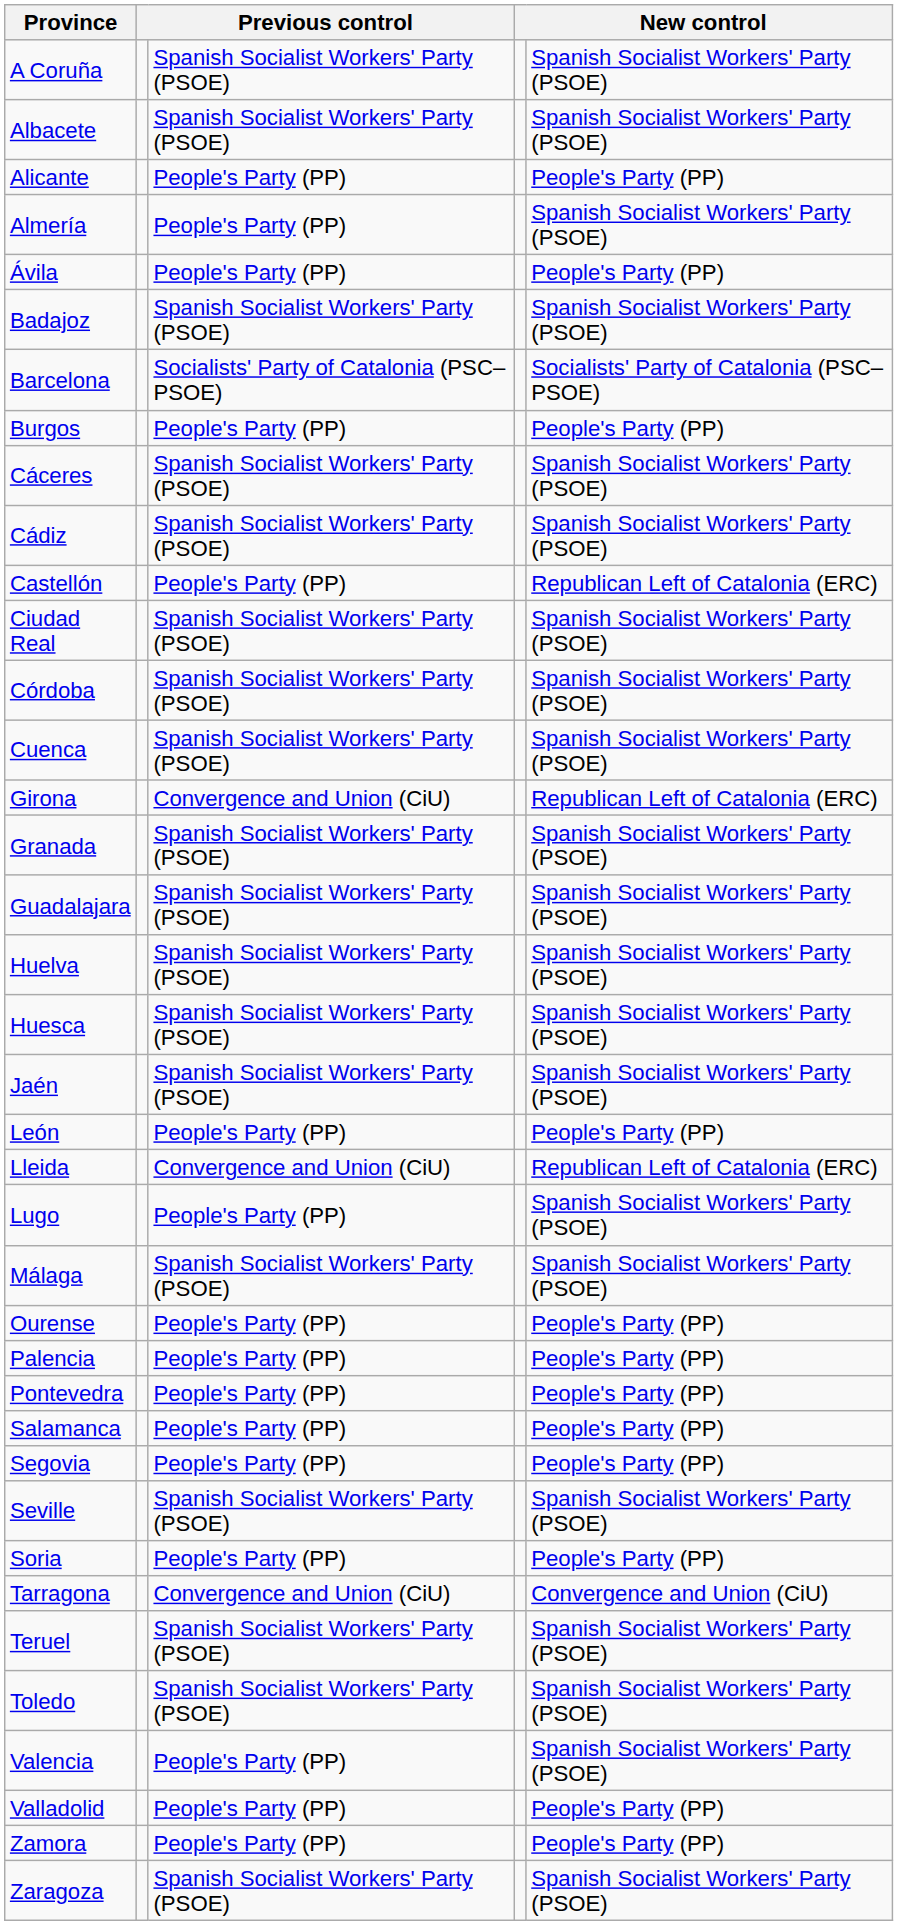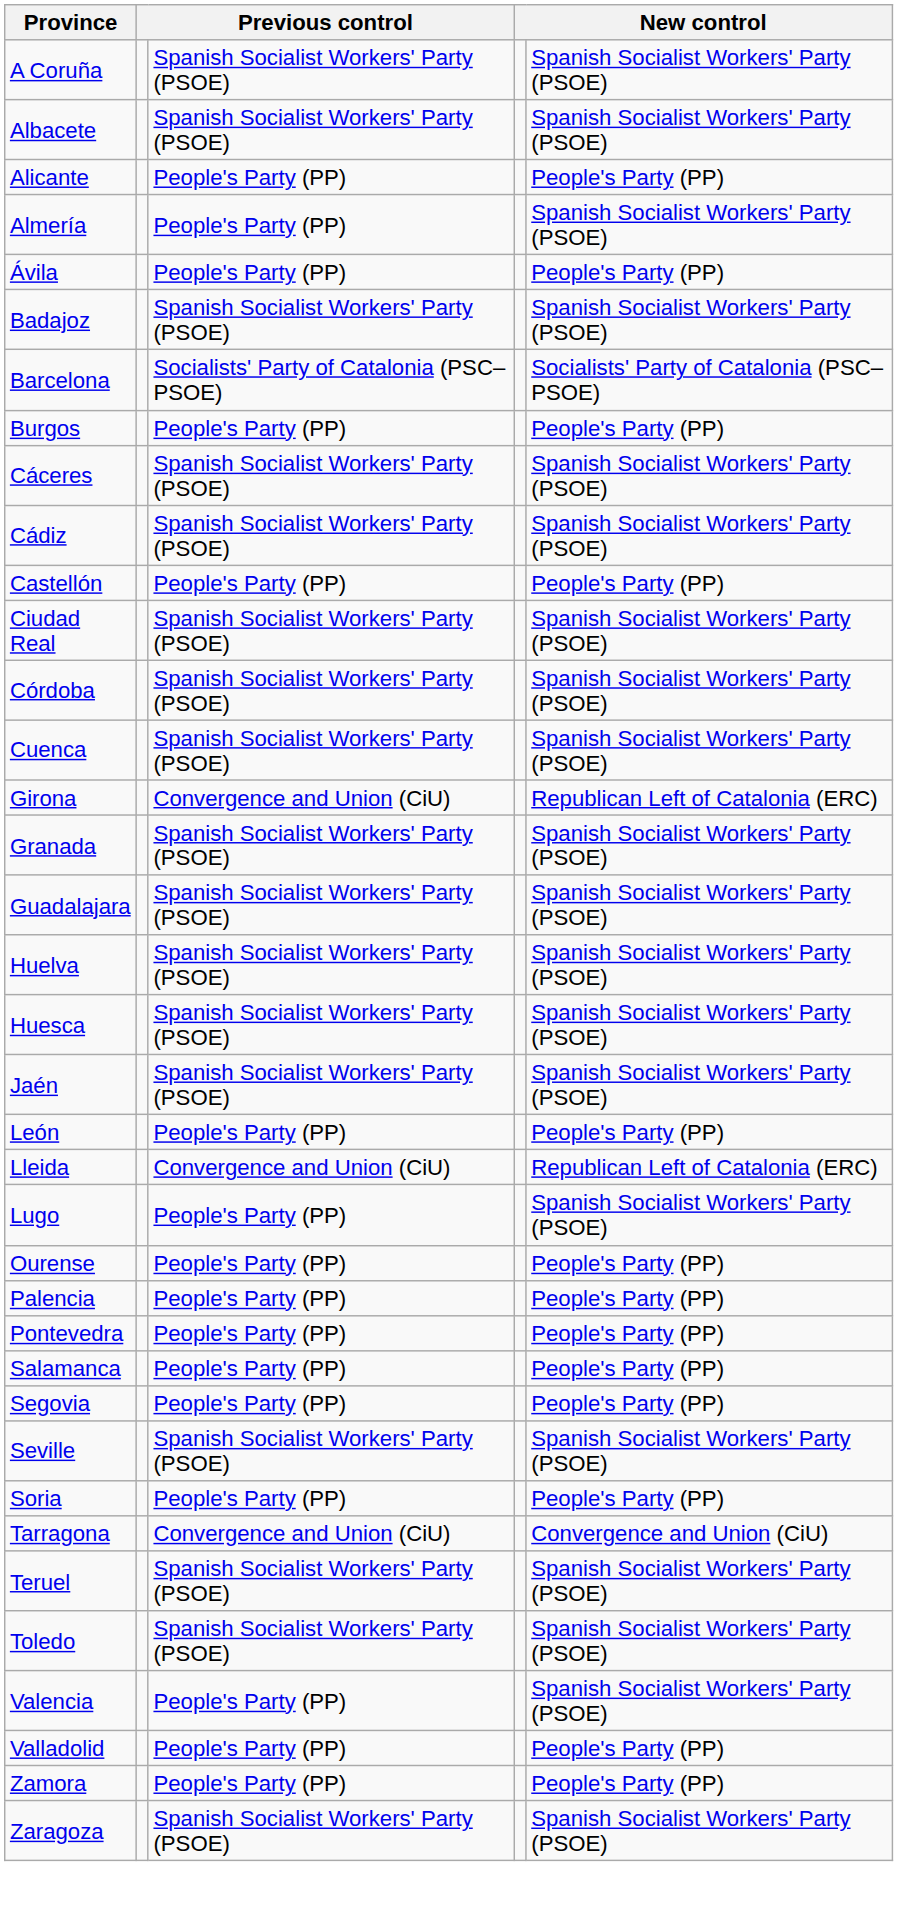 <table class="wikitable sortable" style="font-size:95%;">
 <tr>
 <th>Province</th>
 <th colspan="2" style="width:375px;">Previous control</th>
 <th colspan="2" style="width:375px;">New control</th>
 </tr>
 <tr>
 <td><a href='#'>A Coruña</a></td>
 <td width="1" style="color:inherit;background:"></td>
 <td><a href='#'>Spanish Socialist Workers' Party</a> (PSOE)</td>
 <td width="1" style="color:inherit;background:"></td>
 <td><a href='#'>Spanish Socialist Workers' Party</a> (PSOE)</td>
 </tr>
 <tr>
 <td><a href='#'>Albacete</a></td>
 <td style="color:inherit;background:"></td>
 <td><a href='#'>Spanish Socialist Workers' Party</a> (PSOE)</td>
 <td style="color:inherit;background:"></td>
 <td><a href='#'>Spanish Socialist Workers' Party</a> (PSOE)</td>
 </tr>
 <tr>
 <td><a href='#'>Alicante</a></td>
 <td style="color:inherit;background:"></td>
 <td><a href='#'>People's Party</a> (PP)</td>
 <td style="color:inherit;background:"></td>
 <td><a href='#'>People's Party</a> (PP)</td>
 </tr>
 <tr>
 <td><a href='#'>Almería</a></td>
 <td style="color:inherit;background:"></td>
 <td><a href='#'>People's Party</a> (PP)</td>
 <td style="color:inherit;background:"></td>
 <td><a href='#'>Spanish Socialist Workers' Party</a> (PSOE)</td>
 </tr>
 <tr>
 <td><a href='#'>Ávila</a></td>
 <td style="color:inherit;background:"></td>
 <td><a href='#'>People's Party</a> (PP)</td>
 <td style="color:inherit;background:"></td>
 <td><a href='#'>People's Party</a> (PP)</td>
 </tr>
 <tr>
 <td><a href='#'>Badajoz</a></td>
 <td style="color:inherit;background:"></td>
 <td><a href='#'>Spanish Socialist Workers' Party</a> (PSOE)</td>
 <td style="color:inherit;background:"></td>
 <td><a href='#'>Spanish Socialist Workers' Party</a> (PSOE)</td>
 </tr>
 <tr>
 <td><a href='#'>Barcelona</a></td>
 <td style="color:inherit;background:"></td>
 <td><a href='#'>Socialists' Party of Catalonia</a> (PSC–PSOE)</td>
 <td style="color:inherit;background:"></td>
 <td><a href='#'>Socialists' Party of Catalonia</a> (PSC–PSOE)</td>
 </tr>
 <tr>
 <td><a href='#'>Burgos</a></td>
 <td style="color:inherit;background:"></td>
 <td><a href='#'>People's Party</a> (PP)</td>
 <td style="color:inherit;background:"></td>
 <td><a href='#'>People's Party</a> (PP)</td>
 </tr>
 <tr>
 <td><a href='#'>Cáceres</a></td>
 <td style="color:inherit;background:"></td>
 <td><a href='#'>Spanish Socialist Workers' Party</a> (PSOE)</td>
 <td style="color:inherit;background:"></td>
 <td><a href='#'>Spanish Socialist Workers' Party</a> (PSOE)</td>
 </tr>
 <tr>
 <td><a href='#'>Cádiz</a></td>
 <td style="color:inherit;background:"></td>
 <td><a href='#'>Spanish Socialist Workers' Party</a> (PSOE)</td>
 <td style="color:inherit;background:"></td>
 <td><a href='#'>Spanish Socialist Workers' Party</a> (PSOE)</td>
 </tr>
 <tr>
 <td><a href='#'>Castellón</a></td>
 <td style="color:inherit;background:"></td>
 <td><a href='#'>People's Party</a> (PP)</td>
 <td style="color:inherit;background:"></td>
-<td><a href='#'>Republican Left of Catalonia</a> (ERC)</td>
+<td><a href='#'>People's Party</a> (PP)</td>
 </tr>
 <tr>
 <td><a href='#'>Ciudad Real</a></td>
 <td style="color:inherit;background:"></td>
 <td><a href='#'>Spanish Socialist Workers' Party</a> (PSOE)</td>
 <td style="color:inherit;background:"></td>
 <td><a href='#'>Spanish Socialist Workers' Party</a> (PSOE)</td>
 </tr>
 <tr>
 <td><a href='#'>Córdoba</a></td>
 <td style="color:inherit;background:"></td>
 <td><a href='#'>Spanish Socialist Workers' Party</a> (PSOE)</td>
 <td style="color:inherit;background:"></td>
 <td><a href='#'>Spanish Socialist Workers' Party</a> (PSOE)</td>
 </tr>
 <tr>
 <td><a href='#'>Cuenca</a></td>
 <td style="color:inherit;background:"></td>
 <td><a href='#'>Spanish Socialist Workers' Party</a> (PSOE)</td>
 <td style="color:inherit;background:"></td>
 <td><a href='#'>Spanish Socialist Workers' Party</a> (PSOE)</td>
 </tr>
 <tr>
 <td><a href='#'>Girona</a></td>
 <td style="color:inherit;background:"></td>
 <td><a href='#'>Convergence and Union</a> (CiU)</td>
 <td style="color:inherit;background:"></td>
 <td><a href='#'>Republican Left of Catalonia</a> (ERC)</td>
 </tr>
 <tr>
 <td><a href='#'>Granada</a></td>
 <td style="color:inherit;background:"></td>
 <td><a href='#'>Spanish Socialist Workers' Party</a> (PSOE)</td>
 <td style="color:inherit;background:"></td>
 <td><a href='#'>Spanish Socialist Workers' Party</a> (PSOE)</td>
 </tr>
 <tr>
 <td><a href='#'>Guadalajara</a></td>
 <td style="color:inherit;background:"></td>
 <td><a href='#'>Spanish Socialist Workers' Party</a> (PSOE)</td>
 <td style="color:inherit;background:"></td>
 <td><a href='#'>Spanish Socialist Workers' Party</a> (PSOE)</td>
 </tr>
 <tr>
 <td><a href='#'>Huelva</a></td>
 <td style="color:inherit;background:"></td>
 <td><a href='#'>Spanish Socialist Workers' Party</a> (PSOE)</td>
 <td style="color:inherit;background:"></td>
 <td><a href='#'>Spanish Socialist Workers' Party</a> (PSOE)</td>
 </tr>
 <tr>
 <td><a href='#'>Huesca</a></td>
 <td style="color:inherit;background:"></td>
 <td><a href='#'>Spanish Socialist Workers' Party</a> (PSOE)</td>
 <td style="color:inherit;background:"></td>
 <td><a href='#'>Spanish Socialist Workers' Party</a> (PSOE)</td>
 </tr>
 <tr>
 <td><a href='#'>Jaén</a></td>
 <td style="color:inherit;background:"></td>
 <td><a href='#'>Spanish Socialist Workers' Party</a> (PSOE)</td>
 <td style="color:inherit;background:"></td>
 <td><a href='#'>Spanish Socialist Workers' Party</a> (PSOE)</td>
 </tr>
 <tr>
 <td><a href='#'>León</a></td>
 <td style="color:inherit;background:"></td>
 <td><a href='#'>People's Party</a> (PP)</td>
 <td style="color:inherit;background:"></td>
 <td><a href='#'>People's Party</a> (PP)</td>
 </tr>
 <tr>
 <td><a href='#'>Lleida</a></td>
 <td style="color:inherit;background:"></td>
 <td><a href='#'>Convergence and Union</a> (CiU)</td>
 <td style="color:inherit;background:"></td>
 <td><a href='#'>Republican Left of Catalonia</a> (ERC)</td>
 </tr>
 <tr>
 <td><a href='#'>Lugo</a></td>
 <td style="color:inherit;background:"></td>
 <td><a href='#'>People's Party</a> (PP)</td>
-<td style="color:inherit;background:"></td>
-<td><a href='#'>Spanish Socialist Workers' Party</a> (PSOE)</td>
-</tr>
-<tr>
-<td><a href='#'>Málaga</a></td>
-<td style="color:inherit;background:"></td>
-<td><a href='#'>Spanish Socialist Workers' Party</a> (PSOE)</td>
 <td style="color:inherit;background:"></td>
 <td><a href='#'>Spanish Socialist Workers' Party</a> (PSOE)</td>
 </tr>
 <tr>
 <td><a href='#'>Ourense</a></td>
 <td style="color:inherit;background:"></td>
 <td><a href='#'>People's Party</a> (PP)</td>
 <td style="color:inherit;background:"></td>
 <td><a href='#'>People's Party</a> (PP)</td>
 </tr>
 <tr>
 <td><a href='#'>Palencia</a></td>
 <td style="color:inherit;background:"></td>
 <td><a href='#'>People's Party</a> (PP)</td>
 <td style="color:inherit;background:"></td>
 <td><a href='#'>People's Party</a> (PP)</td>
 </tr>
 <tr>
 <td><a href='#'>Pontevedra</a></td>
 <td style="color:inherit;background:"></td>
 <td><a href='#'>People's Party</a> (PP)</td>
 <td style="color:inherit;background:"></td>
 <td><a href='#'>People's Party</a> (PP)</td>
 </tr>
 <tr>
 <td><a href='#'>Salamanca</a></td>
 <td style="color:inherit;background:"></td>
 <td><a href='#'>People's Party</a> (PP)</td>
 <td style="color:inherit;background:"></td>
 <td><a href='#'>People's Party</a> (PP)</td>
 </tr>
 <tr>
 <td><a href='#'>Segovia</a></td>
 <td style="color:inherit;background:"></td>
 <td><a href='#'>People's Party</a> (PP)</td>
 <td style="color:inherit;background:"></td>
 <td><a href='#'>People's Party</a> (PP)</td>
 </tr>
 <tr>
 <td><a href='#'>Seville</a></td>
 <td style="color:inherit;background:"></td>
 <td><a href='#'>Spanish Socialist Workers' Party</a> (PSOE)</td>
 <td style="color:inherit;background:"></td>
 <td><a href='#'>Spanish Socialist Workers' Party</a> (PSOE)</td>
 </tr>
 <tr>
 <td><a href='#'>Soria</a></td>
 <td style="color:inherit;background:"></td>
 <td><a href='#'>People's Party</a> (PP)</td>
 <td style="color:inherit;background:"></td>
 <td><a href='#'>People's Party</a> (PP)</td>
 </tr>
 <tr>
 <td><a href='#'>Tarragona</a></td>
 <td style="color:inherit;background:"></td>
 <td><a href='#'>Convergence and Union</a> (CiU)</td>
 <td style="color:inherit;background:"></td>
 <td><a href='#'>Convergence and Union</a> (CiU)</td>
 </tr>
 <tr>
 <td><a href='#'>Teruel</a></td>
 <td style="color:inherit;background:"></td>
 <td><a href='#'>Spanish Socialist Workers' Party</a> (PSOE)</td>
 <td style="color:inherit;background:"></td>
 <td><a href='#'>Spanish Socialist Workers' Party</a> (PSOE)</td>
 </tr>
 <tr>
 <td><a href='#'>Toledo</a></td>
 <td style="color:inherit;background:"></td>
 <td><a href='#'>Spanish Socialist Workers' Party</a> (PSOE)</td>
 <td style="color:inherit;background:"></td>
 <td><a href='#'>Spanish Socialist Workers' Party</a> (PSOE)</td>
 </tr>
 <tr>
 <td><a href='#'>Valencia</a></td>
 <td style="color:inherit;background:"></td>
 <td><a href='#'>People's Party</a> (PP)</td>
 <td style="color:inherit;background:"></td>
 <td><a href='#'>Spanish Socialist Workers' Party</a> (PSOE)</td>
 </tr>
 <tr>
 <td><a href='#'>Valladolid</a></td>
 <td style="color:inherit;background:"></td>
 <td><a href='#'>People's Party</a> (PP)</td>
 <td style="color:inherit;background:"></td>
 <td><a href='#'>People's Party</a> (PP)</td>
 </tr>
 <tr>
 <td><a href='#'>Zamora</a></td>
 <td style="color:inherit;background:"></td>
 <td><a href='#'>People's Party</a> (PP)</td>
 <td style="color:inherit;background:"></td>
 <td><a href='#'>People's Party</a> (PP)</td>
 </tr>
 <tr>
 <td><a href='#'>Zaragoza</a></td>
 <td style="color:inherit;background:"></td>
 <td><a href='#'>Spanish Socialist Workers' Party</a> (PSOE)</td>
 <td style="color:inherit;background:"></td>
 <td><a href='#'>Spanish Socialist Workers' Party</a> (PSOE)</td>
 </tr>
 </table>
